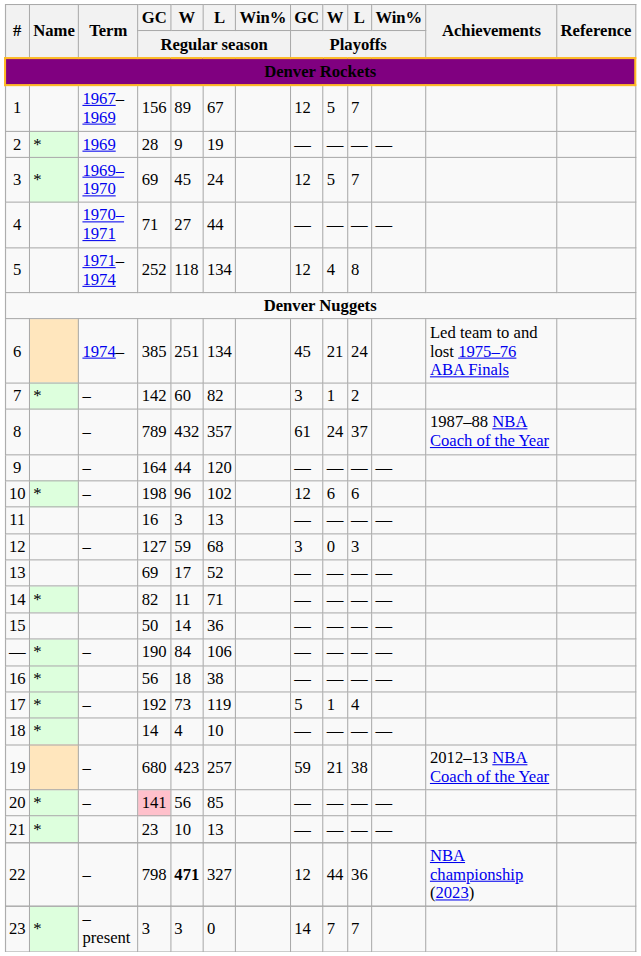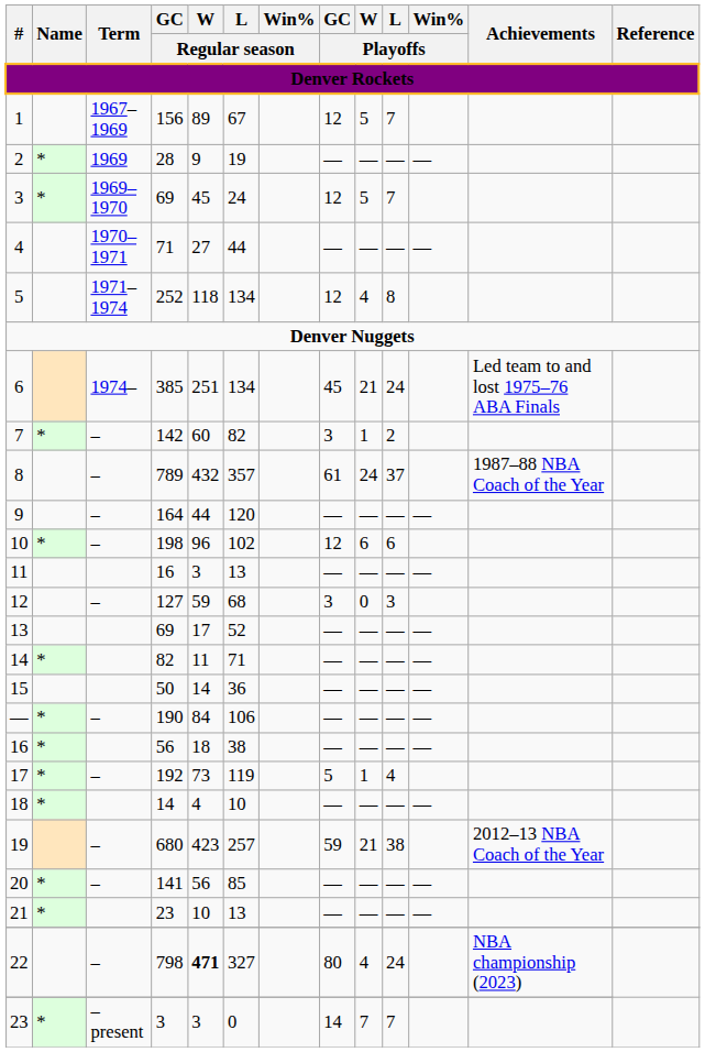 <table class="wikitable sortable">
 <tr>
 <th rowspan="2">#</th>
 <th rowspan="2">Name</th>
 <th rowspan="2">Term</th>
 <th>GC</th>
 <th>W</th>
 <th>L</th>
 <th>Win%</th>
 <th>GC</th>
 <th>W</th>
 <th>L</th>
 <th>Win%</th>
 <th rowspan="2" class=unsortable>Achievements</th>
 <th rowspan="2" class=unsortable>Reference</th>
 </tr>
 <tr class="unsortable">
 <th colspan="4">Regular season</th>
 <th colspan="4">Playoffs</th>
 </tr>
 <tr>
 <td colspan="16" align="center" style="border:2px solid #FDB927; background-color:purple;"><span><strong>Denver Rockets</strong></span></td>
 </tr>
 <tr>
 <td align="center">1</td>
 <td></td>
 <td><a href='#'>1967</a>–<a href='#'>1969</a></td>
 <td>156</td>
 <td>89</td>
 <td>67</td>
 <td></td>
 <td>12</td>
 <td>5</td>
 <td>7</td>
 <td></td>
 <td></td>
 <td align="center"></td>
 </tr>
 <tr>
 <td align="center">2</td>
 <td bgcolor="#ddffdd">*</td>
 <td><a href='#'>1969</a></td>
 <td>28</td>
 <td>9</td>
 <td>19</td>
 <td></td>
 <td>—</td>
 <td>—</td>
 <td>—</td>
 <td>—</td>
 <td></td>
 <td align="center"></td>
 </tr>
 <tr>
 <td align="center">3</td>
 <td bgcolor="#ddffdd">*</td>
 <td><a href='#'>1969–1970</a></td>
 <td>69</td>
 <td>45</td>
 <td>24</td>
 <td></td>
 <td>12</td>
 <td>5</td>
 <td>7</td>
 <td></td>
 <td></td>
 <td align="center"></td>
 </tr>
 <tr>
 <td align="center">4</td>
 <td></td>
 <td><a href='#'>1970–1971</a></td>
 <td>71</td>
 <td>27</td>
 <td>44</td>
 <td></td>
 <td>—</td>
 <td>—</td>
 <td>—</td>
 <td>—</td>
 <td></td>
 <td align="center"></td>
 </tr>
 <tr>
 <td align="center">5</td>
 <td></td>
 <td><a href='#'>1971</a>–<a href='#'>1974</a></td>
 <td>252</td>
 <td>118</td>
 <td>134</td>
 <td></td>
 <td>12</td>
 <td>4</td>
 <td>8</td>
 <td></td>
 <td></td>
 <td align="center"></td>
 </tr>
 <tr>
 <td colspan="16" align="center"><strong>Denver Nuggets</strong></td>
 </tr>
 <tr>
 <td align="center">6</td>
 <td bgcolor="#FFE6BD"></td>
 <td><a href='#'>1974</a>–</td>
 <td>385</td>
 <td>251</td>
 <td>134</td>
 <td></td>
 <td>45</td>
 <td>21</td>
 <td>24</td>
 <td></td>
 <td>Led team to and lost <a href='#'>1975–76 ABA Finals</a></td>
 <td align="center"></td>
 </tr>
 <tr>
 <td align="center">7</td>
 <td bgcolor="#ddffdd">*</td>
 <td>–</td>
 <td>142</td>
 <td>60</td>
 <td>82</td>
 <td></td>
 <td>3</td>
 <td>1</td>
 <td>2</td>
 <td></td>
 <td></td>
 <td align="center"></td>
 </tr>
 <tr>
 <td align="center">8</td>
 <td></td>
 <td>–</td>
 <td>789</td>
 <td>432</td>
 <td>357</td>
 <td></td>
 <td>61</td>
 <td>24</td>
 <td>37</td>
 <td></td>
 <td>1987–88 <a href='#'>NBA Coach of the Year</a></td>
 <td align="center"></td>
 </tr>
 <tr>
 <td align="center">9</td>
 <td></td>
 <td>–</td>
 <td>164</td>
 <td>44</td>
 <td>120</td>
 <td></td>
 <td>—</td>
 <td>—</td>
 <td>—</td>
 <td>—</td>
 <td></td>
 <td align="center"></td>
 </tr>
 <tr>
 <td align="center">10</td>
 <td bgcolor="#ddffdd">*</td>
 <td>–</td>
 <td>198</td>
 <td>96</td>
 <td>102</td>
 <td></td>
 <td>12</td>
 <td>6</td>
 <td>6</td>
 <td></td>
 <td></td>
 <td align="center"></td>
 </tr>
 <tr>
 <td align="center">11</td>
 <td></td>
 <td></td>
 <td>16</td>
 <td>3</td>
 <td>13</td>
 <td></td>
 <td>—</td>
 <td>—</td>
 <td>—</td>
 <td>—</td>
 <td></td>
 <td align="center"></td>
 </tr>
 <tr>
 <td align="center">12</td>
 <td></td>
 <td>–</td>
 <td>127</td>
 <td>59</td>
 <td>68</td>
 <td></td>
 <td>3</td>
 <td>0</td>
 <td>3</td>
 <td></td>
 <td></td>
 <td align="center"></td>
 </tr>
 <tr>
 <td align="center">13</td>
 <td></td>
 <td></td>
 <td>69</td>
 <td>17</td>
 <td>52</td>
 <td></td>
 <td>—</td>
 <td>—</td>
 <td>—</td>
 <td>—</td>
 <td></td>
 <td align="center"></td>
 </tr>
 <tr>
 <td align="center">14</td>
 <td bgcolor="#ddffdd">*</td>
 <td></td>
 <td>82</td>
 <td>11</td>
 <td>71</td>
 <td></td>
 <td>—</td>
 <td>—</td>
 <td>—</td>
 <td>—</td>
 <td></td>
 <td align="center"></td>
 </tr>
 <tr>
 <td align="center">15</td>
 <td></td>
 <td></td>
 <td>50</td>
 <td>14</td>
 <td>36</td>
 <td></td>
 <td>—</td>
 <td>—</td>
 <td>—</td>
 <td>—</td>
 <td></td>
 <td align="center"></td>
 </tr>
 <tr>
 <td align="center">—</td>
 <td bgcolor="#ddffdd">*</td>
 <td>–</td>
 <td>190</td>
 <td>84</td>
 <td>106</td>
 <td></td>
 <td>—</td>
 <td>—</td>
 <td>—</td>
 <td>—</td>
 <td></td>
 <td align="center"></td>
 </tr>
 <tr>
 <td align="center">16</td>
 <td bgcolor="#ddffdd">*</td>
 <td></td>
 <td>56</td>
 <td>18</td>
 <td>38</td>
 <td></td>
 <td>—</td>
 <td>—</td>
 <td>—</td>
 <td>—</td>
 <td></td>
 <td align="center"></td>
 </tr>
 <tr>
 <td align="center">17</td>
 <td bgcolor="#ddffdd">*</td>
 <td>–</td>
 <td>192</td>
 <td>73</td>
 <td>119</td>
 <td></td>
 <td>5</td>
 <td>1</td>
 <td>4</td>
 <td></td>
 <td></td>
 <td align="center"></td>
 </tr>
 <tr>
 <td align="center">18</td>
 <td bgcolor="#ddffdd">*</td>
 <td></td>
 <td>14</td>
 <td>4</td>
 <td>10</td>
 <td></td>
 <td>—</td>
 <td>—</td>
 <td>—</td>
 <td>—</td>
 <td></td>
 <td align="center"></td>
 </tr>
 <tr>
 <td align="center">19</td>
 <td bgcolor="#FFE6BD"></td>
 <td>–</td>
 <td>680</td>
 <td>423</td>
 <td>257</td>
 <td></td>
 <td>59</td>
 <td>21</td>
 <td>38</td>
 <td></td>
 <td>2012–13 <a href='#'>NBA Coach of the Year</a></td>
 <td align="center"></td>
 </tr>
 <tr>
 <td align="center">20</td>
 <td bgcolor="#ddffdd">*</td>
 <td>–</td>
-<td style="background: pink;">141</td>
+<td>141</td>
 <td>56</td>
 <td>85</td>
 <td></td>
 <td>—</td>
 <td>—</td>
 <td>—</td>
 <td>—</td>
 <td></td>
 </tr>
 <tr>
 <td align="center">21</td>
 <td bgcolor="#ddffdd">*</td>
 <td></td>
 <td>23</td>
 <td>10</td>
 <td>13</td>
 <td></td>
 <td>—</td>
 <td>—</td>
 <td>—</td>
 <td>—</td>
 <td></td>
 <td align="center"></td>
 </tr>
 <tr>
 </tr>
 <tr>
 <td align="center">22</td>
 <td></td>
 <td>–</td>
 <td>798</td>
 <td><strong>471</strong></td>
 <td>327</td>
 <td></td>
-<td>12</td>
-<td>44</td>
-<td>36</td>
+<td>80</td>
+<td>4</td>
+<td>24</td>
 <td></td>
 <td><a href='#'>NBA championship</a> (<a href='#'>2023</a>)</td>
 <td align="center"></td>
 </tr>
 <tr>
 </tr>
 <tr>
 <td align="center">23</td>
 <td bgcolor="ddffdd">*</td>
 <td>–present</td>
 <td>3</td>
 <td>3</td>
 <td>0</td>
 <td></td>
 <td>14</td>
 <td>7</td>
 <td>7</td>
 <td></td>
 <td></td>
 </tr>
 </table>
